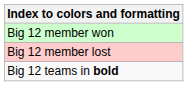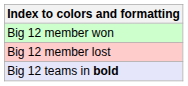 <table class="wikitable">
 <tr>
 <th>Index to colors and formatting</th>
 </tr>
 <tr style="background:#cfc;">
 <td>Big 12 member won</td>
 </tr>
 <tr style="background:#fcc;">
 <td>Big 12 member lost</td>
 </tr>
 <tr>
-<td>Big 12 teams in <strong>bold</strong></td>
+<td style="background: lavender;">Big 12 teams in <strong>bold</strong></td>
 </tr>
 </table>
